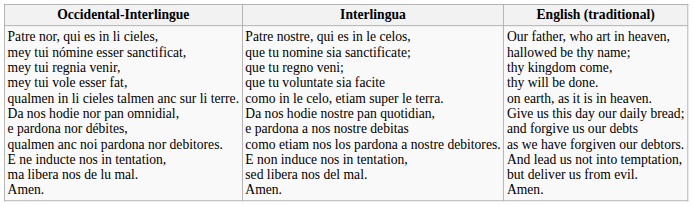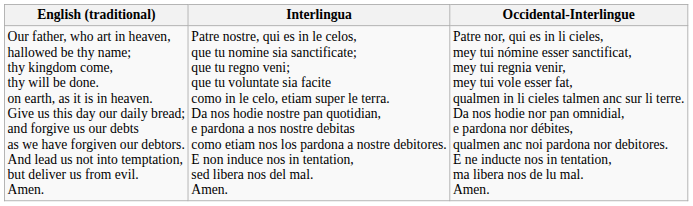 <table class="wikitable">
 <tr>
+<th>English (traditional)</th>
+<th>Interlingua</th>
 <th>Occidental-Interlingue</th>
-<th>Interlingua</th>
-<th>English (traditional)</th>
 </tr>
 <tr>
+<td>Our father, who art in heaven,<br>hallowed be thy name;<br>thy kingdom come,<br>thy will be done.<br>on earth, as it is in heaven.<br>Give us this day our daily bread;<br>and forgive us our debts<br>as we have forgiven our debtors.<br>And lead us not into temptation,<br>but deliver us from evil.<br>Amen.</td>
+<td>Patre nostre, qui es in le celos,<br>que tu nomine sia sanctificate;<br>que tu regno veni;<br>que tu voluntate sia facite<br>como in le celo, etiam super le terra.<br>Da nos hodie nostre pan quotidian,<br>e pardona a nos nostre debitas<br>como etiam nos los pardona a nostre debitores.<br>E non induce nos in tentation,<br>sed libera nos del mal.<br>Amen.</td>
 <td>Patre nor, qui es in li cieles,<br>mey tui nómine esser sanctificat,<br>mey tui regnia venir,<br>mey tui vole esser fat,<br>qualmen in li cieles talmen anc sur li terre.<br>Da nos hodie nor pan omnidial,<br>e pardona nor débites,<br>qualmen anc noi pardona nor debitores.<br>E ne inducte nos in tentation,<br>ma libera nos de lu mal.<br>Amen.</td>
-<td>Patre nostre, qui es in le celos,<br>que tu nomine sia sanctificate;<br>que tu regno veni;<br>que tu voluntate sia facite<br>como in le celo, etiam super le terra.<br>Da nos hodie nostre pan quotidian,<br>e pardona a nos nostre debitas<br>como etiam nos los pardona a nostre debitores.<br>E non induce nos in tentation,<br>sed libera nos del mal.<br>Amen.</td>
-<td>Our father, who art in heaven,<br>hallowed be thy name;<br>thy kingdom come,<br>thy will be done.<br>on earth, as it is in heaven.<br>Give us this day our daily bread;<br>and forgive us our debts<br>as we have forgiven our debtors.<br>And lead us not into temptation,<br>but deliver us from evil.<br>Amen.</td>
 </tr>
 </table>
